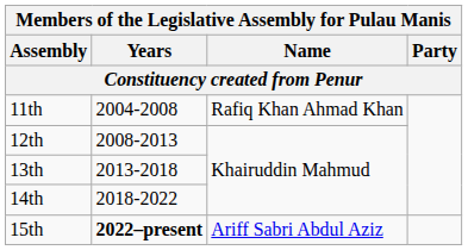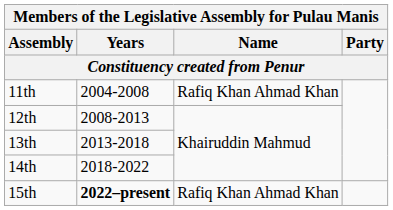 <table class="wikitable">
 <tr>
 <th colspan="4">Members of the Legislative Assembly for Pulau Manis</th>
 </tr>
 <tr>
 <th>Assembly</th>
 <th>Years</th>
 <th>Name</th>
 <th>Party</th>
 </tr>
 <tr>
 <th colspan="4"><em>Constituency created from Penur</em></th>
 </tr>
 <tr>
 <td>11th</td>
 <td>2004-2008</td>
 <td>Rafiq Khan Ahmad Khan</td>
 <td rowspan="4"></td>
 </tr>
 <tr>
 <td>12th</td>
 <td>2008-2013</td>
 <td rowspan="3">Khairuddin Mahmud</td>
 </tr>
 <tr>
 <td>13th</td>
 <td>2013-2018</td>
 </tr>
 <tr>
 <td>14th</td>
 <td>2018-2022</td>
 </tr>
 <tr>
 <td>15th</td>
 <td><strong>2022–present</strong></td>
-<td><a href='#'>Ariff Sabri Abdul Aziz</a></td>
+<td>Rafiq Khan Ahmad Khan</td>
 <td></td>
 </tr>
 </table>
